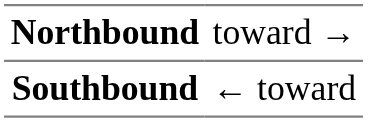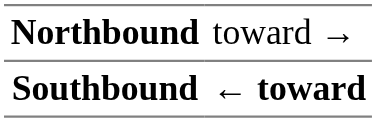 <table border="1" cellspacing="0" cellpadding="3" frame="hsides" rules="rows">
 <tr>
 <th><span>Northbound</span></th>
 <td>  toward  →</td>
 </tr>
 <tr>
 <th><span>Southbound</span></th>
-<td>←  toward </td>
+<td><strong>←  toward </strong></td>
 </tr>
 </table>
